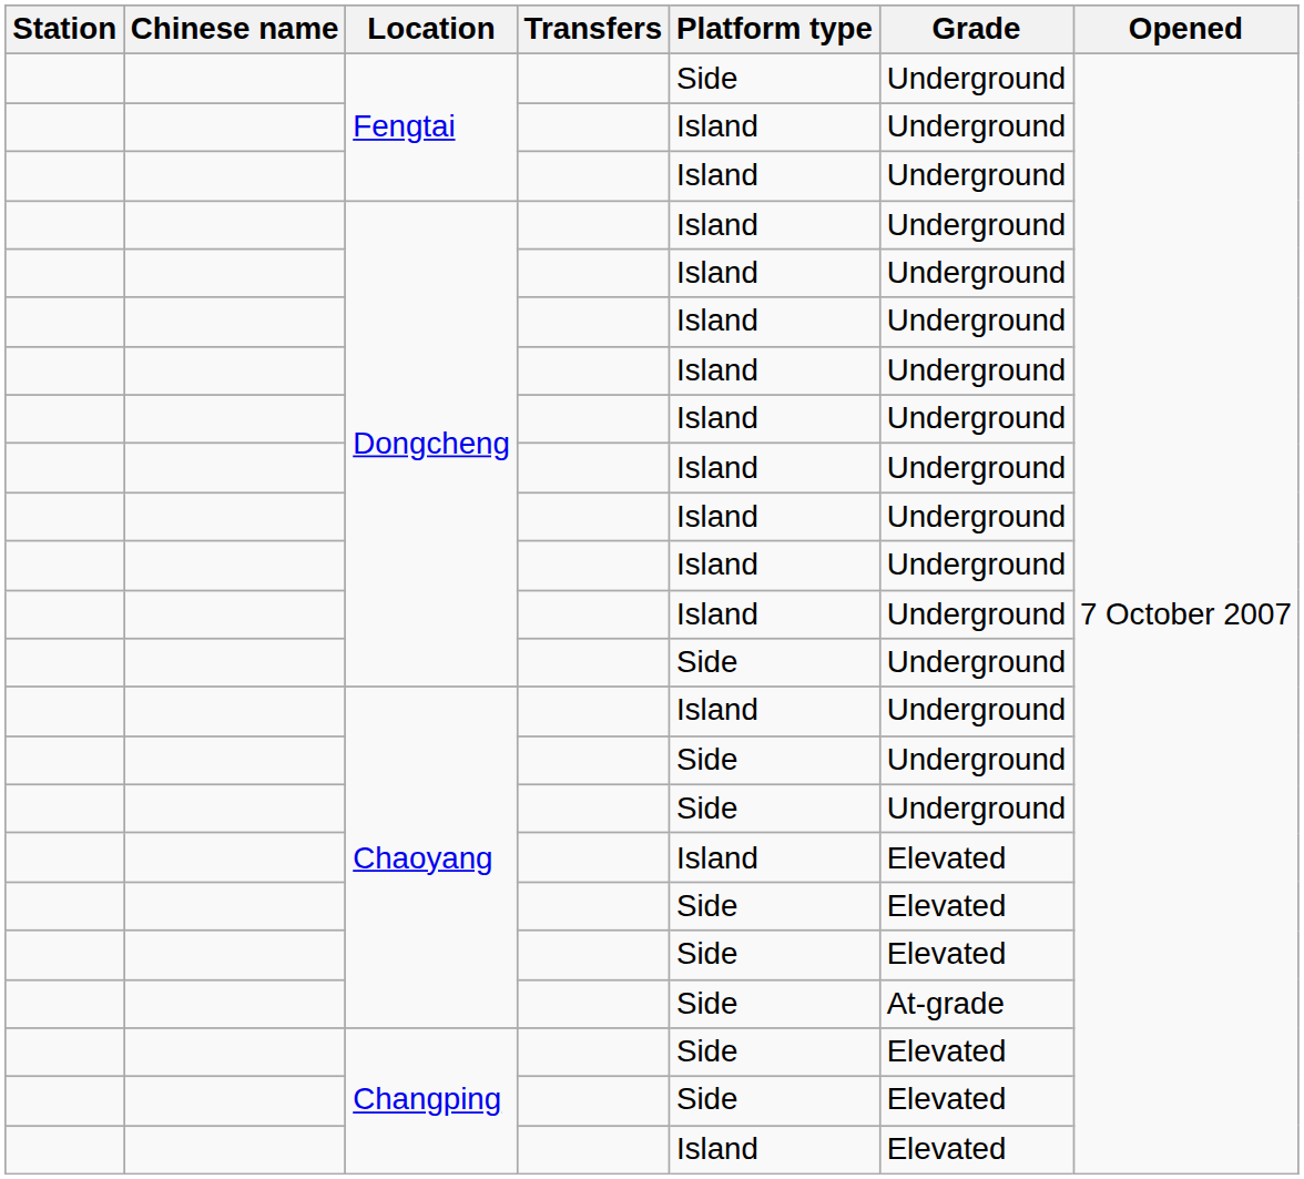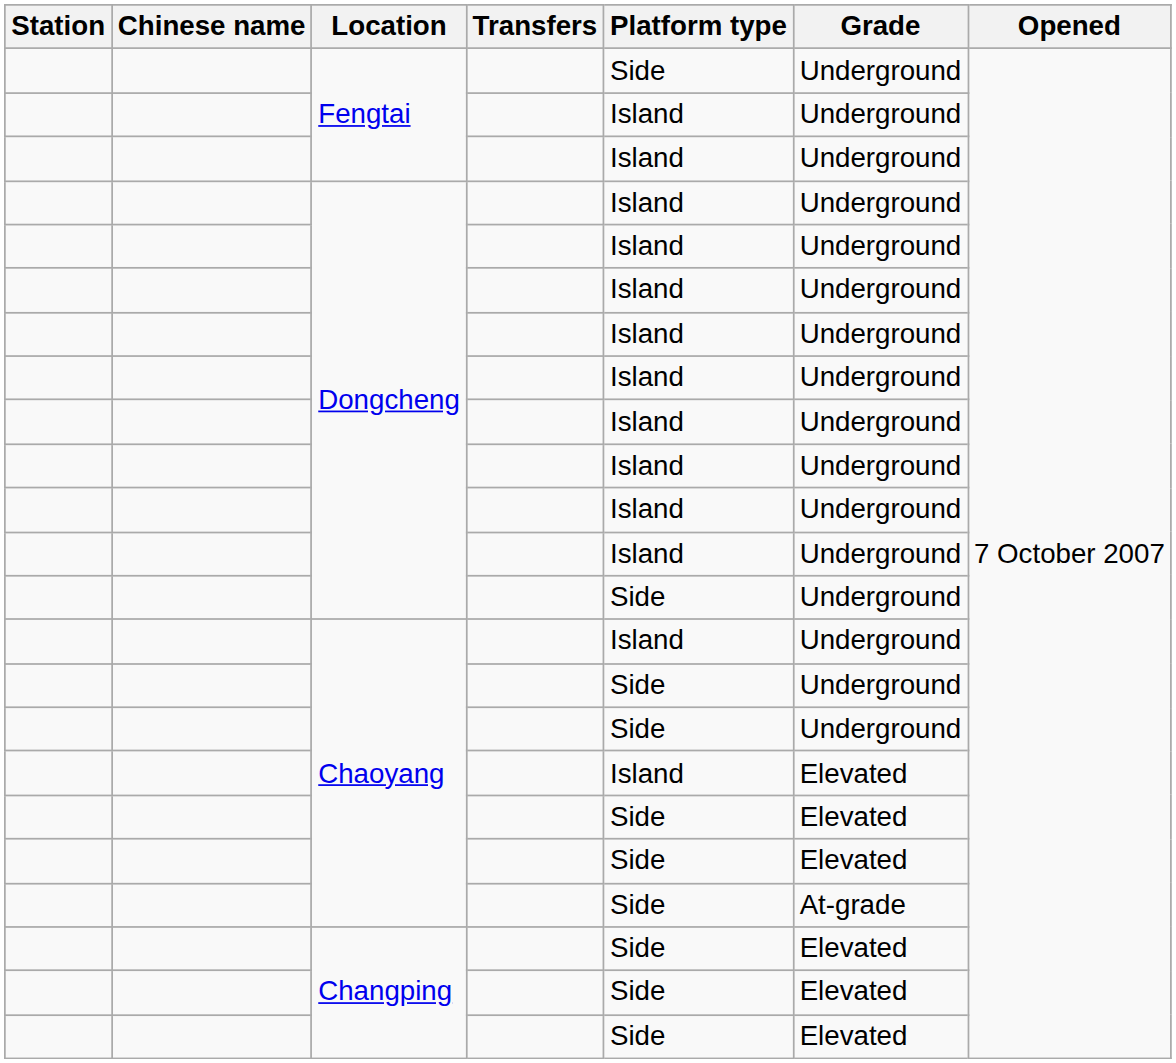 <table class=wikitable>
 <tr>
 <th>Station</th>
 <th>Chinese name</th>
 <th>Location</th>
 <th>Transfers</th>
 <th>Platform type</th>
 <th>Grade</th>
 <th>Opened</th>
 </tr>
 <tr>
 <td></td>
 <td><span></span></td>
 <td rowspan=3><a href='#'>Fengtai</a></td>
 <td> </td>
 <td>Side</td>
 <td>Underground</td>
 <td rowspan=23>7 October 2007</td>
 </tr>
 <tr>
 <td></td>
 <td><span></span></td>
 <td></td>
 <td>Island</td>
 <td>Underground</td>
 </tr>
 <tr>
 <td></td>
 <td><span></span></td>
 <td></td>
 <td>Island</td>
 <td>Underground</td>
 </tr>
 <tr>
 <td></td>
 <td><span></span></td>
 <td rowspan=10><a href='#'>Dongcheng</a></td>
 <td></td>
 <td>Island</td>
 <td>Underground</td>
 </tr>
 <tr>
 <td></td>
 <td><span></span></td>
 <td></td>
 <td>Island</td>
 <td>Underground</td>
 </tr>
 <tr>
 <td></td>
 <td><span></span></td>
 <td></td>
 <td>Island</td>
 <td>Underground</td>
 </tr>
 <tr>
 <td></td>
 <td><span></span></td>
 <td></td>
 <td>Island</td>
 <td>Underground</td>
 </tr>
 <tr>
 <td></td>
 <td><span></span></td>
 <td></td>
 <td>Island</td>
 <td>Underground</td>
 </tr>
 <tr>
 <td></td>
 <td><span></span></td>
 <td></td>
 <td>Island</td>
 <td>Underground</td>
 </tr>
 <tr>
 <td></td>
 <td><span></span></td>
 <td></td>
 <td>Island</td>
 <td>Underground</td>
 </tr>
 <tr>
 <td></td>
 <td><span></span></td>
 <td></td>
 <td>Island</td>
 <td>Underground</td>
 </tr>
 <tr>
 <td></td>
 <td><span></span></td>
 <td></td>
 <td>Island</td>
 <td>Underground</td>
 </tr>
 <tr>
 <td></td>
 <td><span></span></td>
 <td></td>
 <td>Side</td>
 <td>Underground</td>
 </tr>
 <tr>
 <td></td>
 <td><span></span></td>
 <td rowspan=7><a href='#'>Chaoyang</a></td>
 <td></td>
 <td>Island</td>
 <td>Underground</td>
 </tr>
 <tr>
 <td></td>
 <td><span></span></td>
 <td></td>
 <td>Side</td>
 <td>Underground</td>
 </tr>
 <tr>
 <td></td>
 <td><span></span></td>
 <td></td>
 <td>Side</td>
 <td>Underground</td>
 </tr>
 <tr>
 <td></td>
 <td><span></span></td>
 <td></td>
 <td>Island</td>
 <td>Elevated</td>
 </tr>
 <tr>
 <td></td>
 <td><span></span></td>
 <td></td>
 <td>Side</td>
 <td>Elevated</td>
 </tr>
 <tr>
 <td></td>
 <td><span></span></td>
 <td></td>
 <td>Side</td>
 <td>Elevated</td>
 </tr>
 <tr>
 <td></td>
 <td><span></span></td>
 <td></td>
 <td>Side</td>
 <td>At-grade</td>
 </tr>
 <tr>
 <td></td>
 <td><span></span></td>
 <td rowspan=3><a href='#'>Changping</a></td>
 <td></td>
 <td>Side</td>
 <td>Elevated</td>
 </tr>
 <tr>
 <td></td>
 <td><span></span></td>
 <td></td>
 <td>Side</td>
 <td>Elevated</td>
 </tr>
 <tr>
 <td></td>
 <td><span></span></td>
 <td></td>
-<td>Island</td>
+<td>Side</td>
 <td>Elevated</td>
 </tr>
 </table>
